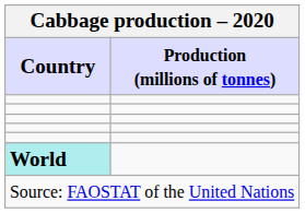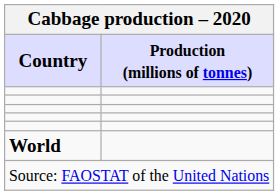 <table class="wikitable floatright">
 <tr>
 <th colspan=2>Cabbage production – 2020</th>
 </tr>
 <tr>
 <th style="background:#ddf;">Country</th>
 <th style="background:#ddf;"><small>Production<br> (millions of <a href='#'>tonnes</a>)</small></th>
 </tr>
 <tr>
 <td></td>
 <td></td>
 </tr>
 <tr>
 <td></td>
 <td></td>
 </tr>
 <tr>
 <td></td>
 <td></td>
 </tr>
 <tr>
 <td></td>
 <td></td>
 </tr>
 <tr>
 <td></td>
 <td></td>
 </tr>
 <tr>
-<td style="background: paleturquoise;"><strong>World</strong></td>
+<td><strong>World</strong></td>
 <td></td>
 </tr>
 <tr>
 <td colspan=2><small>Source: <a href='#'>FAOSTAT</a> of the <a href='#'>United Nations</a></small></td>
 </tr>
 </table>
